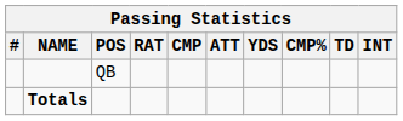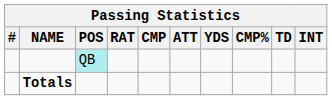 <table class="wikitable sortable collapsible collapsed">
 <tr>
 <th colspan="10">Passing Statistics</th>
 </tr>
 <tr>
 <th>#</th>
 <th>NAME</th>
 <th>POS</th>
 <th>RAT</th>
 <th>CMP</th>
 <th>ATT</th>
 <th>YDS</th>
 <th>CMP%</th>
 <th>TD</th>
 <th>INT</th>
 </tr>
 <tr>
 <td></td>
 <td></td>
-<td>QB</td>
+<td style="background: paleturquoise;">QB</td>
 <td></td>
 <td></td>
 <td></td>
 <td></td>
 <td></td>
 <td></td>
 <td></td>
 </tr>
 <tr>
 <td></td>
 <td><strong>Totals</strong></td>
 <td></td>
 <td></td>
 <td></td>
 <td></td>
 <td></td>
 <td></td>
 <td></td>
 <td></td>
 </tr>
 </table>
